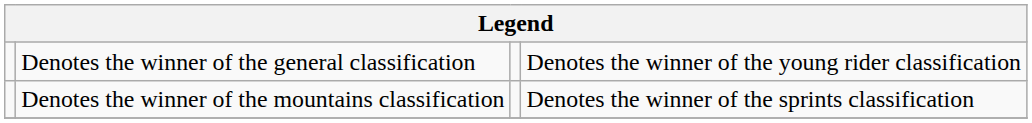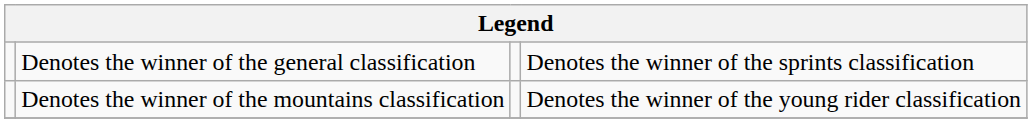 <table class="wikitable">
 <tr>
 <th colspan="4">Legend</th>
 </tr>
 <tr>
 <td></td>
 <td>Denotes the winner of the general classification</td>
 <td></td>
-<td>Denotes the winner of the young rider classification</td>
+<td>Denotes the winner of the sprints classification</td>
 </tr>
 <tr>
 <td></td>
 <td>Denotes the winner of the mountains classification</td>
 <td></td>
-<td>Denotes the winner of the sprints classification</td>
+<td>Denotes the winner of the young rider classification</td>
 </tr>
 <tr>
 </tr>
 </table>
